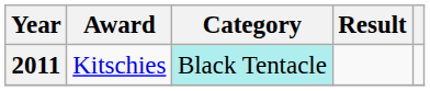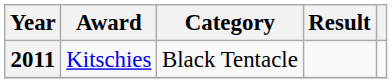 <table class="wikitable sortable plainrowheaders">
 <tr>
 <th scope="col">Year</th>
 <th scope="col">Award</th>
 <th scope="col">Category</th>
 <th scope="col">Result</th>
 <th scope="col" class="unsortable"></th>
 </tr>
 <tr>
 <th>2011</th>
 <td scope="row"><a href='#'>Kitschies</a></td>
-<td style="background: paleturquoise;">Black Tentacle</td>
+<td>Black Tentacle</td>
 <td></td>
 <td></td>
 </tr>
 <tr>
 </tr>
 </table>
